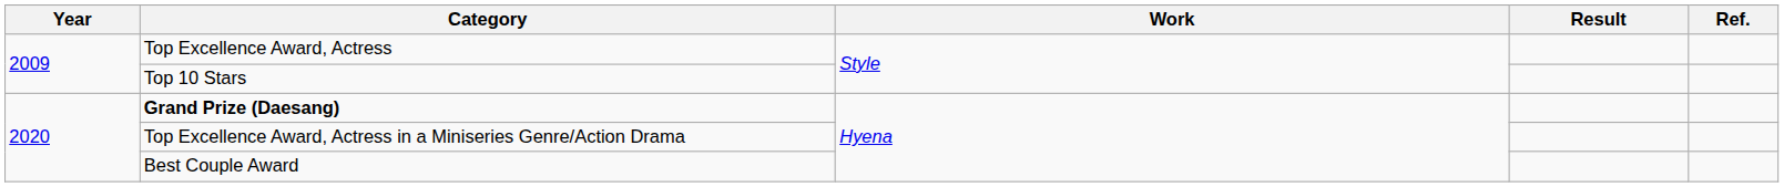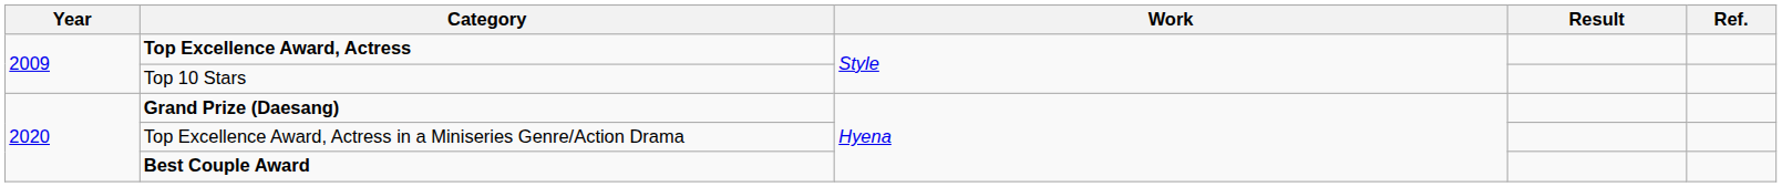 <table class="wikitable sortable plainrowheaders" Style=font-size:98%>
 <tr>
 <th scope="col" style="width:6%;">Year</th>
 <th scope="col" style="width:31%;">Category</th>
 <th scope="col" style="width:30%;">Work</th>
 <th scope="col" style="width:8%;">Result</th>
 <th scope="col" style="width:4%;">Ref.</th>
 </tr>
 <tr>
 <td rowspan="2"><a href='#'>2009</a></td>
-<td>Top Excellence Award, Actress</td>
+<td><strong>Top Excellence Award, Actress</strong></td>
 <td rowspan="2"><em><a href='#'>Style</a></em></td>
 <td></td>
 <td></td>
 </tr>
 <tr>
 <td>Top 10 Stars</td>
 <td></td>
 <td></td>
 </tr>
 <tr>
 <td rowspan="3"><a href='#'>2020</a></td>
 <td><strong>Grand Prize (Daesang)</strong></td>
 <td rowspan="3"><em><a href='#'>Hyena</a></em></td>
 <td></td>
 <td></td>
 </tr>
 <tr>
 <td>Top Excellence Award, Actress in a Miniseries Genre/Action Drama</td>
 <td></td>
 <td></td>
 </tr>
 <tr>
-<td>Best Couple Award</td>
+<td><strong>Best Couple Award</strong></td>
 <td></td>
 <td></td>
 </tr>
 </table>
